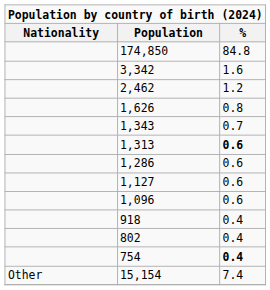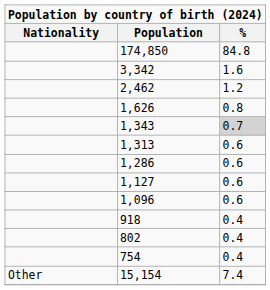 <table class="wikitable" style="float:right;">
 <tr>
 <td colspan="3"><strong>Population by country of birth (2024)</strong></td>
 </tr>
 <tr \>
 <th>Nationality</th>
 <th>Population</th>
 <th>%</th>
 </tr>
 <tr>
 <td></td>
 <td>174,850</td>
 <td>84.8</td>
 </tr>
 <tr>
 <td></td>
 <td>3,342</td>
 <td>1.6</td>
 </tr>
 <tr>
 <td></td>
 <td>2,462</td>
 <td>1.2</td>
 </tr>
 <tr>
 <td></td>
 <td>1,626</td>
 <td>0.8</td>
 </tr>
 <tr>
 <td></td>
 <td>1,343</td>
-<td>0.7</td>
+<td style="background: lightgrey;">0.7</td>
 </tr>
 <tr>
 <td></td>
 <td>1,313</td>
-<td><strong>0.6</strong></td>
+<td>0.6</td>
 </tr>
 <tr>
 <td></td>
 <td>1,286</td>
 <td>0.6</td>
 </tr>
 <tr>
 <td></td>
 <td>1,127</td>
 <td>0.6</td>
 </tr>
 <tr>
 <td></td>
 <td>1,096</td>
 <td>0.6</td>
 </tr>
 <tr>
 <td></td>
 <td>918</td>
 <td>0.4</td>
 </tr>
 <tr>
 <td></td>
 <td>802</td>
 <td>0.4</td>
 </tr>
 <tr>
 <td></td>
 <td>754</td>
-<td><strong>0.4</strong></td>
+<td>0.4</td>
 </tr>
 <tr>
 <td>Other</td>
 <td>15,154</td>
 <td>7.4</td>
 </tr>
 <tr>
 </tr>
 </table>
